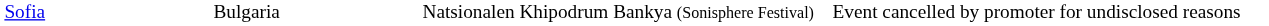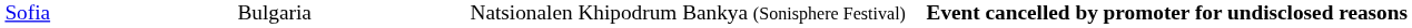 <table cellpadding="2" style="border: 0px solid darkgray; font-size:90%" class="collapsible collapsed">
 <tr>
 <th width="150"></th>
 <th width="150"></th>
 <th width="150"></th>
 <th width="300"></th>
 </tr>
 <tr border="0">
 <td></td>
 <td><a href='#'>Sofia</a></td>
 <td>Bulgaria</td>
 <td>Natsionalen Khipodrum Bankya <small>(Sonisphere Festival)</small></td>
-<td>Event cancelled by promoter for undisclosed reasons</td>
+<td><strong>Event cancelled by promoter for undisclosed reasons</strong></td>
 </tr>
 </table>
